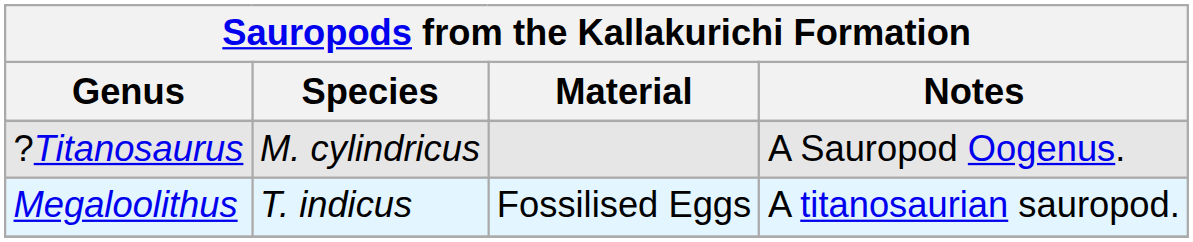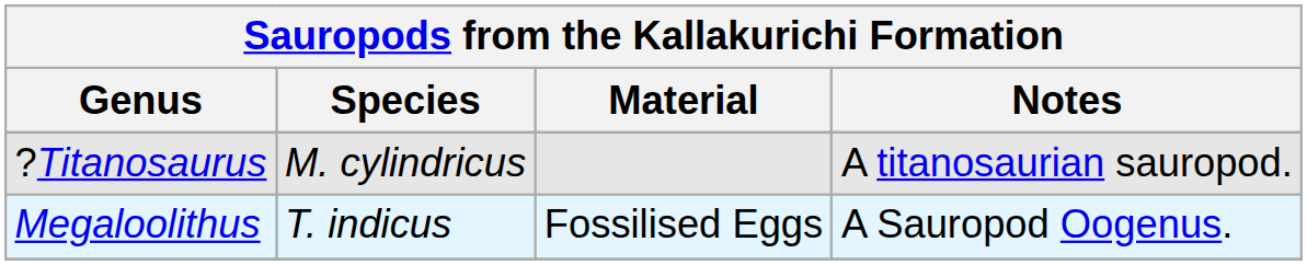 <table class="wikitable" align="center">
 <tr>
 <th colspan="6" align="center"><strong><a href='#'>Sauropods</a> from the Kallakurichi Formation</strong></th>
 </tr>
 <tr>
 <th>Genus</th>
 <th>Species</th>
 <th>Material</th>
 <th>Notes</th>
 </tr>
 <tr>
 </tr>
 <tr style="background:#E6E6E6;">
 <td>?<em><a href='#'>Titanosaurus</a></em></td>
 <td><em>M. cylindricus</em></td>
 <td></td>
-<td>A Sauropod <a href='#'>Oogenus</a>.</td>
+<td>A <a href='#'>titanosaurian</a> sauropod.</td>
 </tr>
 <tr style="background:#E3F5FF">
 <td><em><a href='#'>Megaloolithus</a></em></td>
 <td><em>T. indicus</em></td>
 <td>Fossilised Eggs</td>
-<td>A <a href='#'>titanosaurian</a> sauropod.</td>
+<td>A Sauropod <a href='#'>Oogenus</a>.</td>
 </tr>
 <tr>
 </tr>
 </table>
